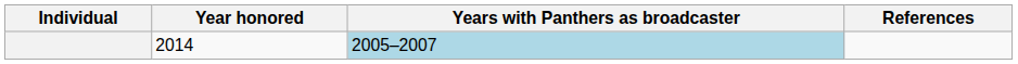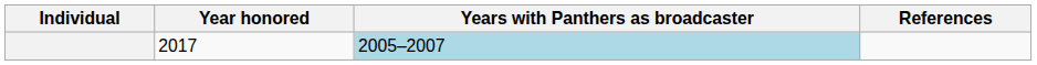 <table class="wikitable sortable" width="75%">
 <tr>
 <th scope="col">Individual</th>
 <th scope="col">Year honored</th>
 <th scope="col">Years with Panthers as broadcaster</th>
 <th scope="col" class="unsortable">References</th>
 </tr>
 <tr>
 <th scope="row"></th>
-<td>2014</td>
+<td>2017</td>
 <td style="background: lightblue;">2005–2007</td>
 <td></td>
 </tr>
 </table>
